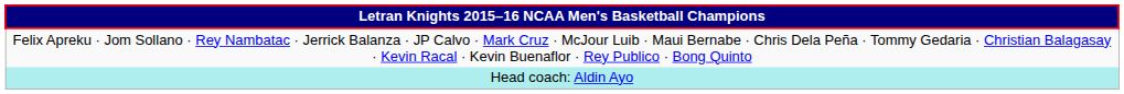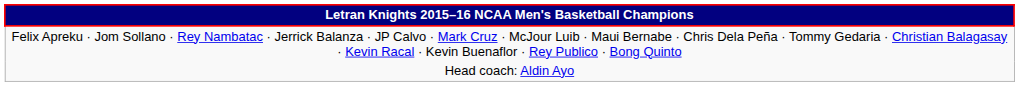 <table class="wikitable" style="text-align: center">
 <tr>
 <th style = "background:#020080; border:2px solid red; color:white">Letran Knights 2015–16 NCAA Men's Basketball Champions</th>
 </tr>
 <tr>
 <td style="border-style: none none none none;">Felix Apreku · Jom Sollano · <a href='#'>Rey Nambatac</a> · Jerrick Balanza · JP Calvo · <a href='#'>Mark Cruz</a> · McJour Luib · Maui Bernabe · Chris Dela Peña · Tommy Gedaria · <a href='#'>Christian Balagasay</a> · <a href='#'>Kevin Racal</a> · Kevin Buenaflor · <a href='#'>Rey Publico</a> · <a href='#'>Bong Quinto</a></td>
 </tr>
 <tr>
-<td style="background: paleturquoise; border-style: none none none none;">Head coach: <a href='#'>Aldin Ayo</a></td>
+<td style="border-style: none none none none;">Head coach: <a href='#'>Aldin Ayo</a></td>
 </tr>
 </table>
